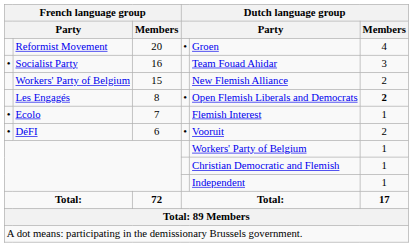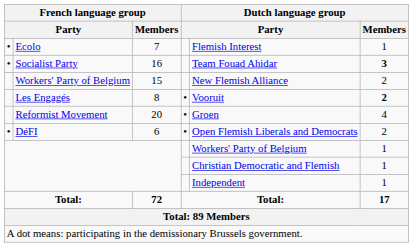 <table class="wikitable">
 <tr>
 <th colspan="3">French language group</th>
 <th colspan="3">Dutch language group</th>
 </tr>
 <tr>
 <th colspan="2">Party</th>
 <th>Members</th>
 <th colspan="2">Party</th>
 <th>Members</th>
 </tr>
 <tr>
-<td></td>
-<td><a href='#'>Reformist Movement</a></td>
-<td align="center">20</td>
 <td><span>•</span></td>
-<td><a href='#'>Groen</a></td>
-<td align="center">4</td>
+<td><a href='#'>Ecolo</a></td>
+<td align="center">7</td>
+<td> </td>
+<td><a href='#'>Flemish Interest</a></td>
+<td align="center">1</td>
 </tr>
 <tr>
 <td><span>•</span></td>
 <td><a href='#'>Socialist Party</a></td>
 <td align="center">16</td>
 <td></td>
 <td><a href='#'>Team Fouad Ahidar</a></td>
-<td align="center">3</td>
+<td align="center"><strong>3</strong></td>
 </tr>
 <tr>
 <td></td>
 <td><a href='#'>Workers' Party of Belgium</a></td>
 <td align="center">15</td>
 <td> </td>
 <td><a href='#'>New Flemish Alliance</a></td>
 <td align="center">2</td>
 </tr>
 <tr>
 <td></td>
 <td><a href='#'>Les Engagés</a></td>
 <td align="center">8</td>
 <td><span>•</span></td>
-<td><a href='#'>Open Flemish Liberals and Democrats</a></td>
+<td><a href='#'>Vooruit</a></td>
 <td align="center"><strong>2</strong></td>
 </tr>
 <tr>
+<td></td>
+<td><a href='#'>Reformist Movement</a></td>
+<td align="center">20</td>
 <td><span>•</span></td>
-<td><a href='#'>Ecolo</a></td>
-<td align="center">7</td>
-<td> </td>
-<td><a href='#'>Flemish Interest</a></td>
-<td align="center">1</td>
+<td><a href='#'>Groen</a></td>
+<td align="center">4</td>
 </tr>
 <tr>
 <td><span>•</span></td>
 <td><a href='#'>DéFI</a></td>
 <td align="center">6</td>
 <td><span>•</span></td>
-<td><a href='#'>Vooruit</a></td>
+<td><a href='#'>Open Flemish Liberals and Democrats</a></td>
 <td align="center">2</td>
 </tr>
 <tr>
 <td colspan="3" rowspan="3"></td>
 <td></td>
 <td><a href='#'>Workers' Party of Belgium</a></td>
 <td align="center">1</td>
 </tr>
 <tr>
 <td> </td>
 <td><a href='#'>Christian Democratic and Flemish</a></td>
 <td align="center">1</td>
 </tr>
 <tr>
 <td> </td>
 <td><a href='#'>Independent</a></td>
 <td align="center">1</td>
 </tr>
 <tr style="font-weight:bold;">
 <td colspan="2" align="center">Total:</td>
 <td align="center">72</td>
 <td colspan="2" align="center">Total:</td>
 <td align="center">17</td>
 </tr>
 <tr>
 <th colspan="6">Total: 89 Members</th>
 </tr>
 <tr>
 <td colspan="6">A dot means: participating in the demissionary Brussels government.</td>
 </tr>
 </table>
